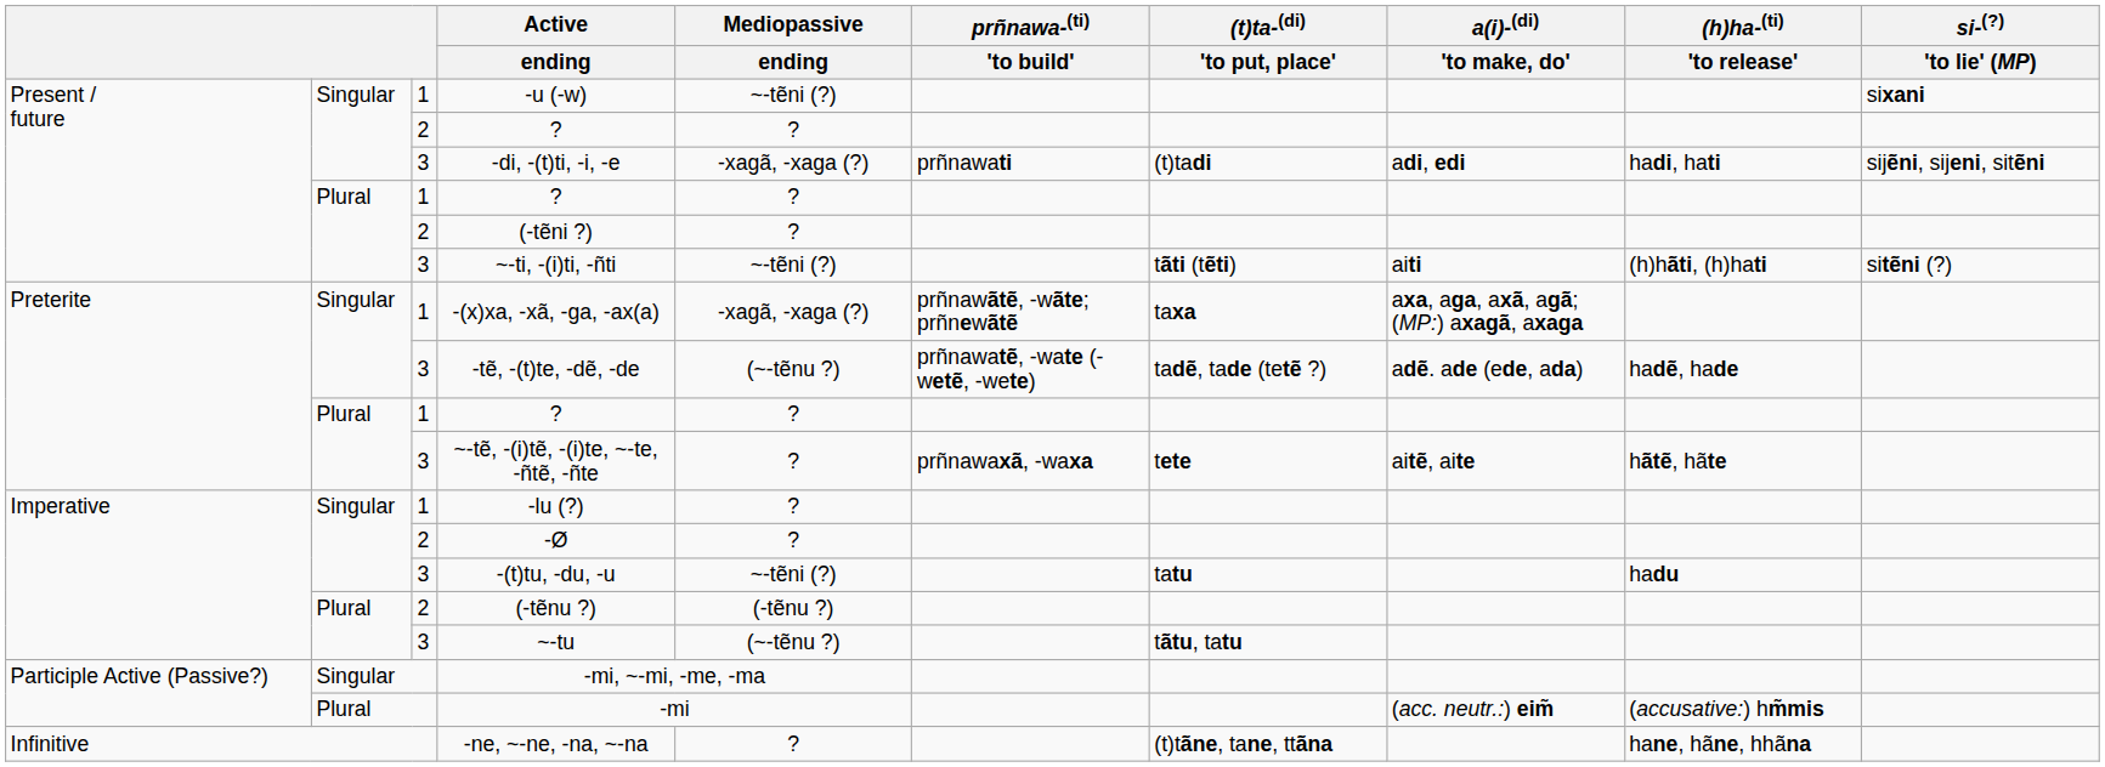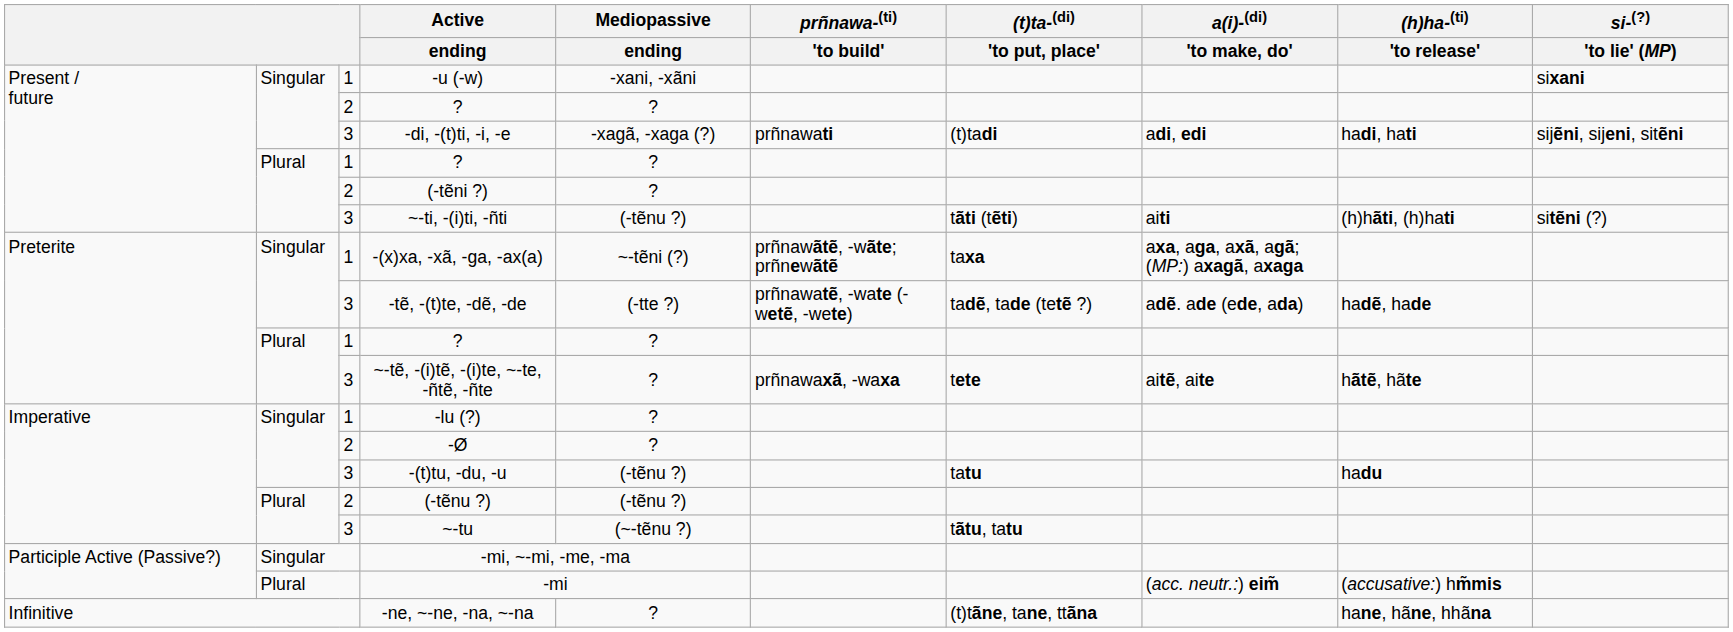 <table class="wikitable">
 <tr>
 <th width="20%" colspan=3 rowspan=2></th>
 <th width="11%">Active</th>
 <th width="11%"><span>Mediopassive</span></th>
 <th width="11%"><em>prñnawa-</em><sup>(ti)</sup></th>
 <th width="11%"><em>(t)ta-</em><sup>(di)</sup></th>
 <th width="11%"><em>a(i)-</em><sup>(di)</sup></th>
 <th width="11%"><em>(h)ha-</em><sup>(ti)</sup></th>
 <th width="11%"><span><em>si-</em><sup>(?)</sup></span></th>
 </tr>
 <tr>
 <th>ending</th>
 <th><span>ending</span></th>
 <th>'to build'</th>
 <th>'to put, place'</th>
 <th>'to make, do'</th>
 <th>'to release'</th>
 <th><span>'to lie' (<em>MP</em>)</span></th>
 </tr>
 <tr>
 <td rowspan="6" valign="top">Present / <br>future</td>
 <td rowspan="3" valign="top">Singular</td>
 <td>1</td>
 <td align="center">-u (-w)</td>
-<td align="center"><span>~-tẽni (?)</span></td>
+<td align="center"><span>-xani, -xãni</span></td>
 <td></td>
 <td></td>
 <td></td>
 <td></td>
 <td><span>si<strong>xani</strong></span></td>
 </tr>
 <tr>
 <td>2</td>
 <td align="center">?</td>
 <td align="center"><span>?</span></td>
 <td></td>
 <td></td>
 <td></td>
 <td></td>
 <td></td>
 </tr>
 <tr>
 <td>3</td>
 <td align="center">-di, -(t)ti, -i, -e</td>
 <td align="center"><span>-xagã, -xaga (?)</span></td>
 <td>prñnawa<strong>ti</strong></td>
 <td>(t)ta<strong>di</strong></td>
 <td>a<strong>di</strong>, <strong>edi</strong></td>
 <td>ha<strong>di</strong>, ha<strong>ti</strong></td>
 <td><span>sij<strong>ẽni</strong>, sij<strong>eni</strong>, sit<strong>ẽni</strong></span></td>
 </tr>
 <tr>
 <td rowspan="3" valign="top">Plural</td>
 <td>1</td>
 <td align="center">?</td>
 <td align="center"><span>?</span></td>
 <td></td>
 <td></td>
 <td></td>
 <td></td>
 </tr>
 <tr>
 <td>2</td>
 <td align="center">(-tẽni ?)</td>
 <td align="center"><span>?</span></td>
 <td></td>
 <td></td>
 <td></td>
 <td></td>
 <td></td>
 </tr>
 <tr>
 <td>3</td>
 <td align="center">~-ti, -(i)ti, -ñti</td>
-<td align="center"><span>~-tẽni (?)</span></td>
+<td align="center"><span>(-tẽnu ?)</span></td>
 <td></td>
 <td>t<strong>ãti</strong> (t<strong>ẽti</strong>)</td>
 <td>ai<strong>ti</strong></td>
 <td>(h)h<strong>ãti</strong>, (h)ha<strong>ti</strong></td>
 <td><span>si<strong>tẽni</strong> (?)</span></td>
 </tr>
 <tr>
 <td rowspan="4" valign="top">Preterite</td>
 <td rowspan="2" valign="top">Singular</td>
 <td>1</td>
 <td align="center">-(x)xa, -xã, -ga, -ax(a)</td>
-<td align="center"><span>-xagã, -xaga (?)</span></td>
+<td align="center"><span>~-tẽni (?)</span></td>
 <td>prñnaw<strong>ãtẽ</strong>, -w<strong>ãte</strong>; prñn<strong>e</strong>w<strong>ãtẽ</strong></td>
 <td>ta<strong>xa</strong></td>
 <td>a<strong>xa</strong>, a<strong>ga</strong>, a<strong>xã</strong>, a<strong>gã</strong>; <br><span>(<em>MP:</em>) a<strong>xagã</strong>, a<strong>xaga</strong></span></td>
 <td></td>
 <td></td>
 </tr>
 <tr>
 <td>3</td>
 <td align="center">-tẽ, -(t)te, -dẽ, -de</td>
-<td align="center"><span>(~-tẽnu ?)</span></td>
+<td align="center"><span>(-tte ?)</span></td>
 <td>prñnawa<strong>tẽ</strong>, -wa<strong>te</strong> (-w<strong>etẽ</strong>, -we<strong>te</strong>)</td>
 <td>ta<strong>dẽ</strong>, ta<strong>de</strong> (te<strong>tẽ</strong> ?)</td>
 <td>a<strong>dẽ</strong>. a<strong>de</strong> (e<strong>de</strong>, a<strong>da</strong>)</td>
 <td>ha<strong>dẽ</strong>, ha<strong>de</strong></td>
 <td></td>
 </tr>
 <tr>
 <td rowspan="2" valign="top">Plural</td>
 <td>1</td>
 <td align="center">?</td>
 <td align="center"><span>?</span></td>
 <td></td>
 <td></td>
 <td></td>
 <td></td>
 <td></td>
 </tr>
 <tr>
 <td>3</td>
 <td align="center">~-tẽ, -(i)tẽ, -(i)te, ~-te, -ñtẽ, -ñte</td>
 <td align="center"><span>?</span></td>
 <td>prñnawa<strong>xã</strong>, -wa<strong>xa</strong></td>
 <td>t<strong>ete</strong></td>
 <td>ai<strong>tẽ</strong>, ai<strong>te</strong></td>
 <td>h<strong>ãtẽ</strong>, hã<strong>te</strong></td>
 <td></td>
 </tr>
 <tr>
 <td rowspan="5" valign="top">Imperative</td>
 <td rowspan="3" valign="top">Singular</td>
 <td>1</td>
 <td align="center">-lu (?)</td>
 <td align="center"><span>?</span></td>
 <td></td>
 <td></td>
 <td></td>
 <td></td>
 <td></td>
 </tr>
 <tr>
 <td>2</td>
 <td align="center">-Ø</td>
 <td align="center"><span>?</span></td>
 <td></td>
 <td></td>
 <td></td>
 <td></td>
 <td></td>
 </tr>
 <tr>
 <td>3</td>
 <td align="center">-(t)tu, -du, -u</td>
-<td align="center"><span>~-tẽni (?)</span></td>
+<td align="center"><span>(-tẽnu ?)</span></td>
 <td></td>
 <td>ta<strong>tu</strong></td>
 <td></td>
 <td>ha<strong>du</strong></td>
 <td></td>
 </tr>
 <tr>
 <td rowspan="2" valign="top">Plural</td>
 <td>2</td>
 <td align="center">(-tẽnu ?)</td>
 <td align="center"><span>(-tẽnu ?)</span></td>
 <td></td>
 <td></td>
 <td></td>
 <td></td>
 <td></td>
 </tr>
 <tr>
 <td>3</td>
 <td align="center">~-tu</td>
 <td align="center"><span>(~-tẽnu ?)</span></td>
 <td></td>
 <td>t<strong>ãtu</strong>, ta<strong>tu</strong></td>
 <td></td>
 <td></td>
 <td></td>
 </tr>
 <tr>
 <td rowspan="2" valign="top">Participle Active <span>(Passive?)</span></td>
 <td colspan="2">Singular</td>
 <td colspan="2" align="center">-mi, ~-mi, -me, -ma</td>
 <td></td>
 <td></td>
 <td></td>
 <td></td>
 <td></td>
 </tr>
 <tr>
 <td colspan="2">Plural</td>
 <td colspan="2" align="center">-mi</td>
 <td></td>
 <td></td>
 <td>(<em>acc. neutr.:</em>) <strong>eim̃</strong></td>
 <td><span>(<em>accusative:</em>) h<strong>m̃mis</strong></span></td>
 <td></td>
 </tr>
 <tr>
 <td colspan="3">Infinitive</td>
 <td align="center">-ne, ~-ne, -na, ~-na</td>
 <td align="center"><span>?</span></td>
 <td></td>
 <td>(t)t<strong>ãne</strong>, ta<strong>ne</strong>, tt<strong>ãna</strong></td>
 <td></td>
 <td>ha<strong>ne</strong>, hã<strong>ne</strong>, hhã<strong>na</strong></td>
 <td></td>
 </tr>
 </table>
